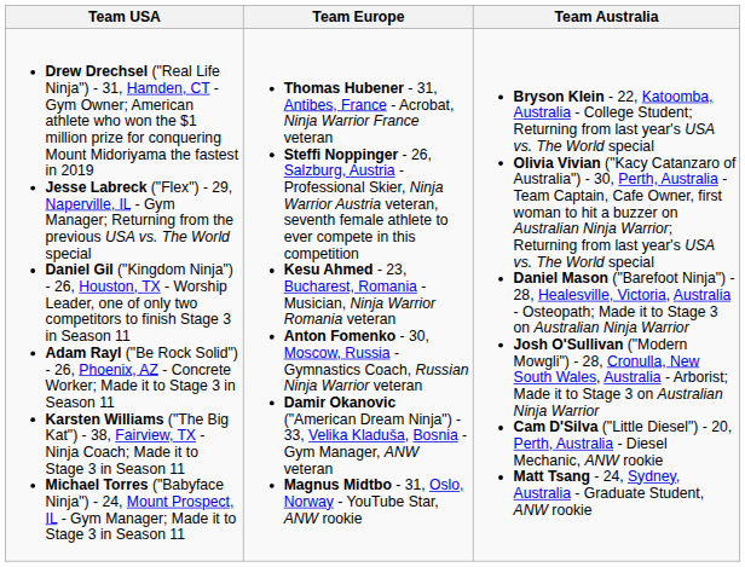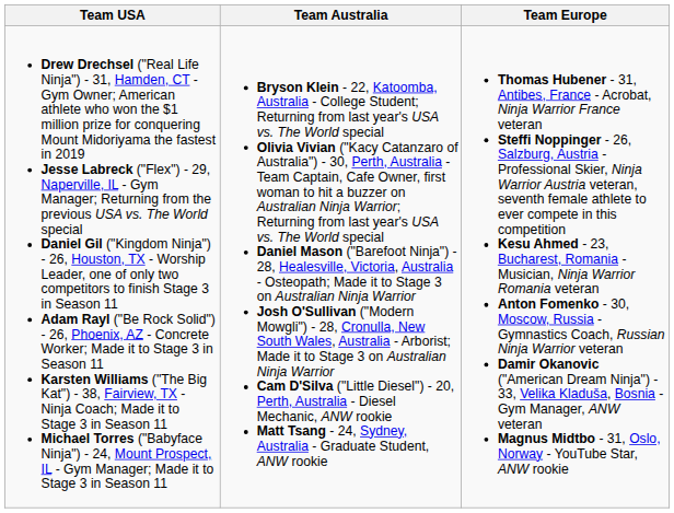 <table class="wikitable" style="width:800px">
 <tr>
 <th>Team USA </th>
+<th>Team Australia </th>
 <th>Team Europe </th>
-<th>Team Australia </th>
 </tr>
 <tr>
 <td><br><ul><li><strong>Drew Drechsel</strong> ("Real Life Ninja") - 31, <a href='#'>Hamden, CT</a> - Gym Owner; American athlete who won the $1 million prize for conquering Mount Midoriyama the fastest in 2019</li><li><strong>Jesse Labreck</strong> ("Flex") - 29, <a href='#'>Naperville, IL</a> - Gym Manager; Returning from the previous <em>USA vs. The World</em> special</li><li><strong>Daniel Gil</strong> ("Kingdom Ninja") - 26, <a href='#'>Houston, TX</a> - Worship Leader, one of only two competitors to finish Stage 3 in Season 11</li><li><strong>Adam Rayl</strong> ("Be Rock Solid") - 26, <a href='#'>Phoenix, AZ</a> - Concrete Worker; Made it to Stage 3 in Season 11</li><li><strong>Karsten Williams</strong> ("The Big Kat") - 38, <a href='#'>Fairview, TX</a> - Ninja Coach; Made it to Stage 3 in Season 11</li><li><strong>Michael Torres</strong> ("Babyface Ninja") - 24, <a href='#'>Mount Prospect, IL</a> - Gym Manager; Made it to Stage 3 in Season 11</li></ul></td>
+<td><br><ul><li><strong>Bryson Klein</strong> - 22, <a href='#'>Katoomba, Australia</a> - College Student; Returning from last year's <em>USA vs. The World</em> special</li><li><strong>Olivia Vivian</strong> ("Kacy Catanzaro of Australia") - 30, <a href='#'>Perth, Australia</a> - Team Captain, Cafe Owner, first woman to hit a buzzer on <em>Australian Ninja Warrior</em>; Returning from last year's <em>USA vs. The World</em> special</li><li><strong>Daniel Mason</strong> ("Barefoot Ninja") - 28, <a href='#'>Healesville, Victoria</a>, <a href='#'>Australia</a> - Osteopath; Made it to Stage 3 on <em>Australian Ninja Warrior</em></li><li><strong>Josh O'Sullivan</strong> ("Modern Mowgli") - 28, <a href='#'>Cronulla, New South Wales</a>, <a href='#'>Australia</a> - Arborist; Made it to Stage 3 on <em>Australian Ninja Warrior</em></li><li><strong>Cam D'Silva</strong> ("Little Diesel") - 20, <a href='#'>Perth, Australia</a> - Diesel Mechanic, <em>ANW</em> rookie</li><li><strong>Matt Tsang</strong> - 24, <a href='#'>Sydney, Australia</a> - Graduate Student, <em>ANW</em> rookie</li></ul></td>
 <td><br><ul><li><strong>Thomas Hubener</strong> - 31, <a href='#'>Antibes, France</a> - Acrobat, <em>Ninja Warrior France</em> veteran</li><li><strong>Steffi Noppinger</strong> - 26, <a href='#'>Salzburg, Austria</a> - Professional Skier, <em>Ninja Warrior Austria</em> veteran, seventh female athlete to ever compete in this competition</li><li><strong>Kesu Ahmed</strong> - 23, <a href='#'>Bucharest, Romania</a> - Musician, <em>Ninja Warrior Romania</em> veteran</li><li><strong>Anton Fomenko</strong> - 30, <a href='#'>Moscow, Russia</a> - Gymnastics Coach, <em>Russian Ninja Warrior</em> veteran</li><li><strong>Damir Okanovic</strong> ("American Dream Ninja") - 33, <a href='#'>Velika Kladuša</a>, <a href='#'>Bosnia</a> - Gym Manager, <em>ANW</em> veteran</li><li><strong>Magnus Midtbo</strong> - 31, <a href='#'>Oslo, Norway</a> - YouTube Star, <em>ANW</em> rookie</li></ul></td>
-<td><br><ul><li><strong>Bryson Klein</strong> - 22, <a href='#'>Katoomba, Australia</a> - College Student; Returning from last year's <em>USA vs. The World</em> special</li><li><strong>Olivia Vivian</strong> ("Kacy Catanzaro of Australia") - 30, <a href='#'>Perth, Australia</a> - Team Captain, Cafe Owner, first woman to hit a buzzer on <em>Australian Ninja Warrior</em>; Returning from last year's <em>USA vs. The World</em> special</li><li><strong>Daniel Mason</strong> ("Barefoot Ninja") - 28, <a href='#'>Healesville, Victoria</a>, <a href='#'>Australia</a> - Osteopath; Made it to Stage 3 on <em>Australian Ninja Warrior</em></li><li><strong>Josh O'Sullivan</strong> ("Modern Mowgli") - 28, <a href='#'>Cronulla, New South Wales</a>, <a href='#'>Australia</a> - Arborist; Made it to Stage 3 on <em>Australian Ninja Warrior</em></li><li><strong>Cam D'Silva</strong> ("Little Diesel") - 20, <a href='#'>Perth, Australia</a> - Diesel Mechanic, <em>ANW</em> rookie</li><li><strong>Matt Tsang</strong> - 24, <a href='#'>Sydney, Australia</a> - Graduate Student, <em>ANW</em> rookie</li></ul></td>
 </tr>
 </table>
